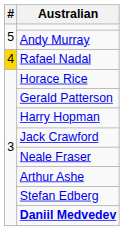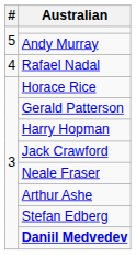 <table class=wikitable style="display:inline-table;">
 <tr>
 <th>#</th>
 <th>Australian</th>
 </tr>
 <tr>
 <td rowspan="2">5</td>
 <td></td>
 </tr>
 <tr>
 <td> <a href='#'>Andy Murray</a></td>
 </tr>
 <tr>
-<td style="background: gold;">4</td>
+<td>4</td>
 <td> <a href='#'>Rafael Nadal</a></td>
 </tr>
 <tr>
 <td rowspan="8">3</td>
 <td> <a href='#'>Horace Rice</a></td>
 </tr>
 <tr>
 <td> <a href='#'>Gerald Patterson</a></td>
 </tr>
 <tr>
 <td> <a href='#'>Harry Hopman</a></td>
 </tr>
 <tr>
 <td> <a href='#'>Jack Crawford</a></td>
 </tr>
 <tr>
 <td> <a href='#'>Neale Fraser</a></td>
 </tr>
 <tr>
 <td> <a href='#'>Arthur Ashe</a></td>
 </tr>
 <tr>
 <td> <a href='#'>Stefan Edberg</a></td>
 </tr>
 <tr>
 <td> <strong><a href='#'>Daniil Medvedev</a></strong></td>
 </tr>
 </table>
